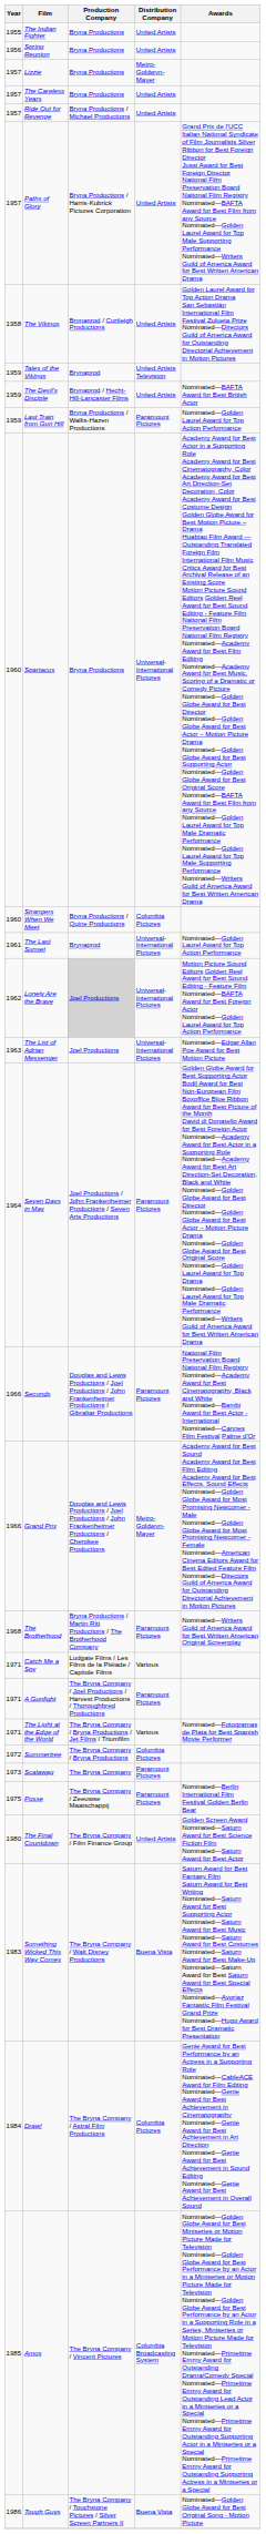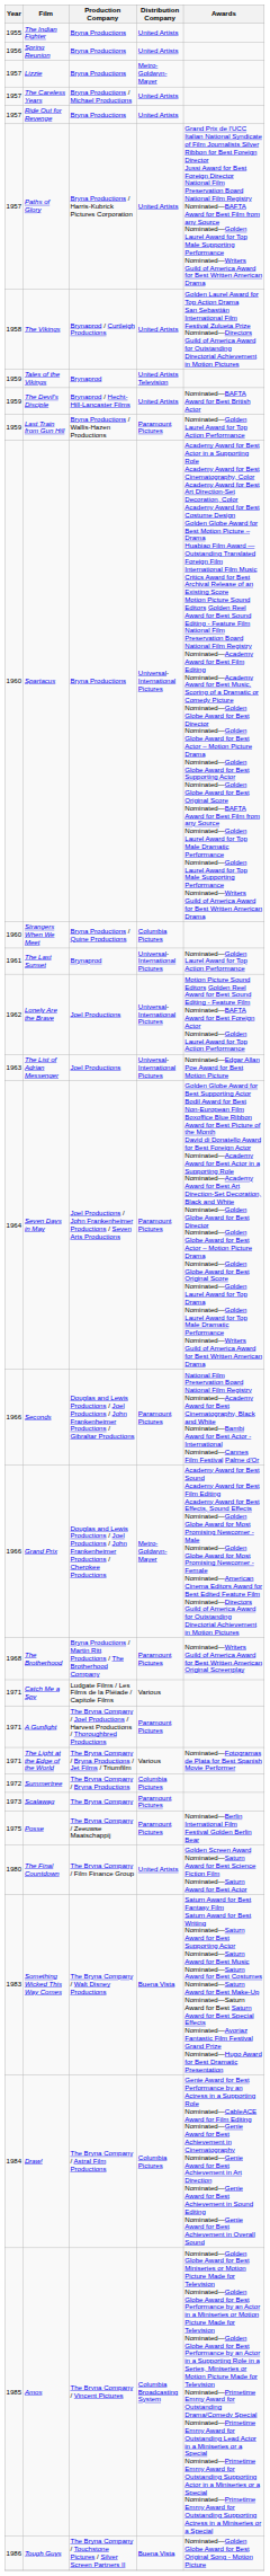 <table class="wikitable sortable">
 <tr>
 <th>Year</th>
 <th>Film</th>
 <th>Production Company</th>
 <th>Distribution Company</th>
 <th class="unsortable">Awards</th>
 </tr>
 <tr>
 <td>1955</td>
 <td><em><a href='#'>The Indian Fighter</a></em></td>
 <td><a href='#'>Bryna Productions</a></td>
 <td><a href='#'>United Artists</a></td>
 <td></td>
 </tr>
 <tr>
 <td>1956</td>
 <td><em><a href='#'>Spring Reunion</a></em></td>
 <td><a href='#'>Bryna Productions</a></td>
 <td><a href='#'>United Artists</a></td>
 <td></td>
 </tr>
 <tr>
 <td>1957</td>
 <td><em><a href='#'>Lizzie</a></em></td>
 <td><a href='#'>Bryna Productions</a></td>
 <td><a href='#'>Metro-Goldwyn-Mayer</a></td>
 <td></td>
 </tr>
 <tr>
 <td>1957</td>
 <td><em><a href='#'>The Careless Years</a></em></td>
-<td><a href='#'>Bryna Productions</a></td>
+<td><a href='#'>Bryna Productions</a> / <a href='#'>Michael Productions</a></td>
 <td><a href='#'>United Artists</a></td>
 <td></td>
 </tr>
 <tr>
 <td>1957</td>
 <td><em><a href='#'>Ride Out for Revenge</a></em></td>
-<td><a href='#'>Bryna Productions</a> / <a href='#'>Michael Productions</a></td>
+<td><a href='#'>Bryna Productions</a></td>
 <td><a href='#'>United Artists</a></td>
 <td></td>
 </tr>
 <tr>
 <td>1957</td>
 <td><em><a href='#'>Paths of Glory</a></em></td>
 <td><a href='#'>Bryna Productions</a> / Harris-Kubrick Pictures Corporation</td>
 <td><a href='#'>United Artists</a></td>
 <td><a href='#'>Grand Prix de l'UCC</a><br><a href='#'>Italian National Syndicate of Film Journalists Silver Ribbon for Best Foreign Director</a><br><a href='#'>Jussi Award for Best Foreign Director</a><br><a href='#'>National Film Preservation Board</a> <a href='#'>National Film Registry</a><br>Nominated—<a href='#'>BAFTA Award for Best Film from any Source</a><br>Nominated—<a href='#'>Golden Laurel Award for Top Male Supporting Performance</a><br>Nominated—<a href='#'>Writers Guild of America Award for Best Written American Drama</a></td>
 </tr>
 <tr>
 <td>1958</td>
 <td><em><a href='#'>The Vikings</a></em></td>
 <td><a href='#'>Brynaprod</a> / <a href='#'>Curtleigh Productions</a></td>
 <td><a href='#'>United Artists</a></td>
 <td><a href='#'>Golden Laurel Award for Top Action Drama</a><br><a href='#'>San Sebastián International Film Festival Zulueta Prize</a><br>Nominated—<a href='#'>Directors Guild of America Award for Outstanding Directorial Achievement in Motion Pictures</a></td>
 </tr>
 <tr>
 <td>1959</td>
 <td><em><a href='#'>Tales of the Vikings</a></em></td>
 <td><a href='#'>Brynaprod</a></td>
 <td><a href='#'>United Artists Television</a></td>
 <td></td>
 </tr>
 <tr>
 <td>1959</td>
 <td><em><a href='#'>The Devil's Disciple</a></em></td>
 <td><a href='#'>Brynaprod</a> / <a href='#'>Hecht-Hill-Lancaster Films</a></td>
 <td><a href='#'>United Artists</a></td>
 <td>Nominated—<a href='#'>BAFTA Award for Best British Actor</a></td>
 </tr>
 <tr>
 <td>1959</td>
 <td><em><a href='#'>Last Train from Gun Hill</a></em></td>
 <td><a href='#'>Bryna Productions</a> / Wallis-Hazen Productions</td>
 <td><a href='#'>Paramount Pictures</a></td>
 <td>Nominated—<a href='#'>Golden Laurel Award for Top Action Performance</a></td>
 </tr>
 <tr>
 <td>1960</td>
 <td><em><a href='#'>Spartacus</a></em></td>
 <td><a href='#'>Bryna Productions</a></td>
 <td><a href='#'>Universal</a>-<a href='#'>International Pictures</a></td>
 <td><a href='#'>Academy Award for Best Actor in a Supporting Role</a><br><a href='#'>Academy Award for Best Cinematography, Color</a><br><a href='#'>Academy Award for Best Art Direction-Set Decoration, Color</a><br><a href='#'>Academy Award for Best Costume Design</a><br><a href='#'>Golden Globe Award for Best Motion Picture – Drama</a><br><a href='#'>Huabiao Film Award — Outstanding Translated Foreign Film</a><br><a href='#'>International Film Music Critics Award for Best Archival Release of an Existing Score</a><br><a href='#'>Motion Picture Sound Editors</a> <a href='#'>Golden Reel Award for Best Sound Editing - Feature Film</a><br><a href='#'>National Film Preservation Board</a> <a href='#'>National Film Registry</a><br>Nominated—<a href='#'>Academy Award for Best Film Editing</a><br>Nominated—<a href='#'>Academy Award for Best Music, Scoring of a Dramatic or Comedy Picture</a><br>Nominated—<a href='#'>Golden Globe Award for Best Director</a><br>Nominated—<a href='#'>Golden Globe Award for Best Actor – Motion Picture Drama</a><br>Nominated—<a href='#'>Golden Globe Award for Best Supporting Actor</a><br>Nominated—<a href='#'>Golden Globe Award for Best Original Score</a><br>Nominated—<a href='#'>BAFTA Award for Best Film from any Source</a><br>Nominated—<a href='#'>Golden Laurel Award for Top Male Dramatic Performance</a><br>Nominated—<a href='#'>Golden Laurel Award for Top Male Supporting Performance</a><br>Nominated—<a href='#'>Writers Guild of America Award for Best Written American Drama</a></td>
 </tr>
 <tr>
 <td>1960</td>
 <td><em><a href='#'>Strangers When We Meet</a></em></td>
 <td><a href='#'>Bryna Productions</a> / <a href='#'>Quine Productions</a></td>
 <td><a href='#'>Columbia Pictures</a></td>
 <td></td>
 </tr>
 <tr>
 <td>1961</td>
 <td><em><a href='#'>The Last Sunset</a></em></td>
 <td><a href='#'>Brynaprod</a></td>
 <td><a href='#'>Universal</a>-<a href='#'>International Pictures</a></td>
 <td>Nominated—<a href='#'>Golden Laurel Award for Top Action Performance</a></td>
 </tr>
 <tr>
 <td>1962</td>
 <td><em><a href='#'>Lonely Are the Brave</a></em></td>
-<td style="background: lightgrey;"><a href='#'>Joel Productions</a></td>
+<td><a href='#'>Joel Productions</a></td>
 <td><a href='#'>Universal</a>-<a href='#'>International Pictures</a></td>
 <td><a href='#'>Motion Picture Sound Editors</a> <a href='#'>Golden Reel Award for Best Sound Editing - Feature Film</a><br>Nominated—<a href='#'>BAFTA Award for Best Foreign Actor</a><br>Nominated—<a href='#'>Golden Laurel Award for Top Action Performance</a></td>
 </tr>
 <tr>
 <td>1963</td>
 <td><em><a href='#'>The List of Adrian Messenger</a></em></td>
 <td><a href='#'>Joel Productions</a></td>
 <td><a href='#'>Universal</a>-<a href='#'>International Pictures</a></td>
 <td>Nominated—<a href='#'>Edgar Allan Poe Award for Best Motion Picture</a></td>
 </tr>
 <tr>
 <td>1964</td>
 <td><em><a href='#'>Seven Days in May</a></em></td>
 <td><a href='#'>Joel Productions</a> / <a href='#'>John Frankenheimer Productions</a> / <a href='#'>Seven Arts Productions</a></td>
 <td><a href='#'>Paramount Pictures</a></td>
 <td><a href='#'>Golden Globe Award for Best Supporting Actor</a><br><a href='#'>Bodil Award for Best Non-European Film</a><br><a href='#'>Boxoffice Blue Ribbon Award for Best Picture of the Month</a><br><a href='#'>David di Donatello Award for Best Foreign Actor</a><br>Nominated—<a href='#'>Academy Award for Best Actor in a Supporting Role</a><br>Nominated—<a href='#'>Academy Award for Best Art Direction-Set Decoration, Black and White</a><br>Nominated—<a href='#'>Golden Globe Award for Best Director</a><br>Nominated—<a href='#'>Golden Globe Award for Best Actor – Motion Picture Drama</a><br>Nominated—<a href='#'>Golden Globe Award for Best Original Score</a><br>Nominated—<a href='#'>Golden Laurel Award for Top Drama</a><br>Nominated—<a href='#'>Golden Laurel Award for Top Male Dramatic Performance</a><br>Nominated—<a href='#'>Writers Guild of America Award for Best Written American Drama</a></td>
 </tr>
 <tr>
 <td>1966</td>
 <td><em><a href='#'>Seconds</a></em></td>
 <td><a href='#'>Douglas and Lewis Productions</a> / <a href='#'>Joel Productions</a> / <a href='#'>John Frankenheimer Productions</a> / <a href='#'>Gibraltar Productions</a></td>
 <td><a href='#'>Paramount Pictures</a></td>
 <td><a href='#'>National Film Preservation Board</a> <a href='#'>National Film Registry</a><br>Nominated—<a href='#'>Academy Award for Best Cinematography, Black and White</a><br>Nominated—<a href='#'>Bambi Award for Best Actor - International</a><br>Nominated—<a href='#'>Cannes Film Festival</a> <a href='#'>Palme d'Or</a></td>
 </tr>
 <tr>
 <td>1966</td>
 <td><em><a href='#'>Grand Prix</a></em></td>
 <td><a href='#'>Douglas and Lewis Productions</a> / <a href='#'>Joel Productions</a> / <a href='#'>John Frankenheimer Productions</a> / <a href='#'>Cherokee Productions</a></td>
 <td><a href='#'>Metro-Goldwyn-Mayer</a></td>
 <td><a href='#'>Academy Award for Best Sound</a><br><a href='#'>Academy Award for Best Film Editing</a><br><a href='#'>Academy Award for Best Effects, Sound Effects</a><br>Nominated—<a href='#'>Golden Globe Award for Most Promising Newcomer - Male</a><br>Nominated—<a href='#'>Golden Globe Award for Most Promising Newcomer - Female</a><br>Nominated—<a href='#'>American Cinema Editors Award for Best Edited Feature Film</a><br>Nominated—<a href='#'>Directors Guild of America Award for Outstanding Directorial Achievement in Motion Pictures</a></td>
 </tr>
 <tr>
 <td>1968</td>
 <td><em><a href='#'>The Brotherhood</a></em></td>
 <td><a href='#'>Bryna Productions</a> / <a href='#'>Martin Ritt Productions</a> / <a href='#'>The Brotherhood Company</a></td>
 <td><a href='#'>Paramount Pictures</a></td>
 <td>Nominated—<a href='#'>Writers Guild of America Award for Best Written American Original Screenplay</a></td>
 </tr>
 <tr>
 <td>1971</td>
 <td><em><a href='#'>Catch Me a Spy</a></em></td>
 <td>Ludgate Films / Les Films de la Pléiade / Capitole Films</td>
 <td>Various</td>
 <td></td>
 </tr>
 <tr>
 <td>1971</td>
 <td><em><a href='#'>A Gunfight</a></em></td>
 <td><a href='#'>The Bryna Company</a> / <a href='#'>Joel Productions</a> / Harvest Productions / <a href='#'>Thoroughbred Productions</a></td>
 <td><a href='#'>Paramount Pictures</a></td>
 <td></td>
 </tr>
 <tr>
 <td>1971</td>
 <td><em><a href='#'>The Light at the Edge of the World</a></em></td>
 <td><a href='#'>The Bryna Company</a> / <a href='#'>Bryna Productions</a> / <a href='#'>Jet Films</a> / Triumfilm</td>
 <td>Various</td>
 <td>Nominated—<a href='#'>Fotogramas de Plata for Best Spanish Movie Performer</a></td>
 </tr>
 <tr>
 <td>1972</td>
 <td><em><a href='#'>Summertree</a></em></td>
 <td><a href='#'>The Bryna Company</a> / <a href='#'>Bryna Productions</a></td>
 <td><a href='#'>Columbia Pictures</a></td>
 <td></td>
 </tr>
 <tr>
 <td>1973</td>
 <td><em><a href='#'>Scalawag</a></em></td>
 <td><a href='#'>The Bryna Company</a></td>
 <td><a href='#'>Paramount Pictures</a></td>
 <td></td>
 </tr>
 <tr>
 <td>1975</td>
 <td><em><a href='#'>Posse</a></em></td>
 <td><a href='#'>The Bryna Company</a> / Zeeuwse Maatschappij</td>
 <td><a href='#'>Paramount Pictures</a></td>
 <td>Nominated—<a href='#'>Berlin International Film Festival Golden Berlin Bear</a></td>
 </tr>
 <tr>
 <td>1980</td>
 <td><em><a href='#'>The Final Countdown</a></em></td>
 <td><a href='#'>The Bryna Company</a> / Film Finance Group</td>
 <td><a href='#'>United Artists</a></td>
 <td><a href='#'>Golden Screen Award</a><br>Nominated—<a href='#'>Saturn Award for Best Science Fiction Film</a><br>Nominated—<a href='#'>Saturn Award for Best Actor</a></td>
 </tr>
 <tr>
 <td>1983</td>
 <td><em><a href='#'>Something Wicked This Way Comes</a></em></td>
 <td><a href='#'>The Bryna Company</a> / <a href='#'>Walt Disney Productions</a></td>
 <td><a href='#'>Buena Vista</a></td>
 <td><a href='#'>Saturn Award for Best Fantasy Film</a><br><a href='#'>Saturn Award for Best Writing</a><br>Nominated—<a href='#'>Saturn Award for Best Supporting Actor</a><br>Nominated—<a href='#'>Saturn Award for Best Music</a><br>Nominated—<a href='#'>Saturn Award for Best Costumes</a><br>Nominated—<a href='#'>Saturn Award for Best Make-Up</a><br>Nominated—Saturn Award for Best <a href='#'>Saturn Award for Best Special Effects</a><br>Nominated—<a href='#'>Avoriaz Fantastic Film Festival Grand Prize</a><br>Nominated—<a href='#'>Hugo Award for Best Dramatic Presentation</a></td>
 </tr>
 <tr>
 <td>1984</td>
 <td><em><a href='#'>Draw!</a></em></td>
 <td><a href='#'>The Bryna Company</a> / <a href='#'>Astral Film Productions</a></td>
 <td><a href='#'>Columbia Pictures</a></td>
 <td><a href='#'>Genie Award for Best Performance by an Actress in a Supporting Role</a><br>Nominated—<a href='#'>CableACE Award for Film Editing</a><br>Nominated—<a href='#'>Genie Award for Best Achievement in Cinematography</a><br>Nominated—<a href='#'>Genie Award for Best Achievement in Art Direction</a><br>Nominated—<a href='#'>Genie Award for Best Achievement in Sound Editing</a><br>Nominated—<a href='#'>Genie Award for Best Achievement in Overall Sound</a></td>
 </tr>
 <tr>
 <td>1985</td>
 <td><em><a href='#'>Amos</a></em></td>
 <td><a href='#'>The Bryna Company</a> / <a href='#'>Vincent Pictures</a></td>
 <td><a href='#'>Columbia Broadcasting System</a></td>
 <td>Nominated—<a href='#'>Golden Globe Award for Best Miniseries or Motion Picture Made for Television</a><br>Nominated—<a href='#'>Golden Globe Award for Best Performance by an Actor in a Miniseries or Motion Picture Made for Television</a><br>Nominated—<a href='#'>Golden Globe Award for Best Performance by an Actor in a Supporting Role in a Series, Miniseries or Motion Picture Made for Television</a><br>Nominated—<a href='#'>Primetime Emmy Award for Outstanding Drama/Comedy Special</a><br>Nominated—<a href='#'>Primetime Emmy Award for Outstanding Lead Actor in a Miniseries or a Special</a><br>Nominated—<a href='#'>Primetime Emmy Award for Outstanding Supporting Actor in a Miniseries or a Special</a><br>Nominated—<a href='#'>Primetime Emmy Award for Outstanding Supporting Actress in a Miniseries or a Special</a></td>
 </tr>
 <tr>
 <td>1986</td>
 <td><em><a href='#'>Tough Guys</a></em></td>
 <td><a href='#'>The Bryna Company</a> / <a href='#'>Touchstone Pictures</a> / <a href='#'>Silver Screen Partners II</a></td>
 <td><a href='#'>Buena Vista</a></td>
 <td>Nominated—<a href='#'>Golden Globe Award for Best Original Song - Motion Picture</a></td>
 </tr>
 <tr>
 </tr>
 </table>
